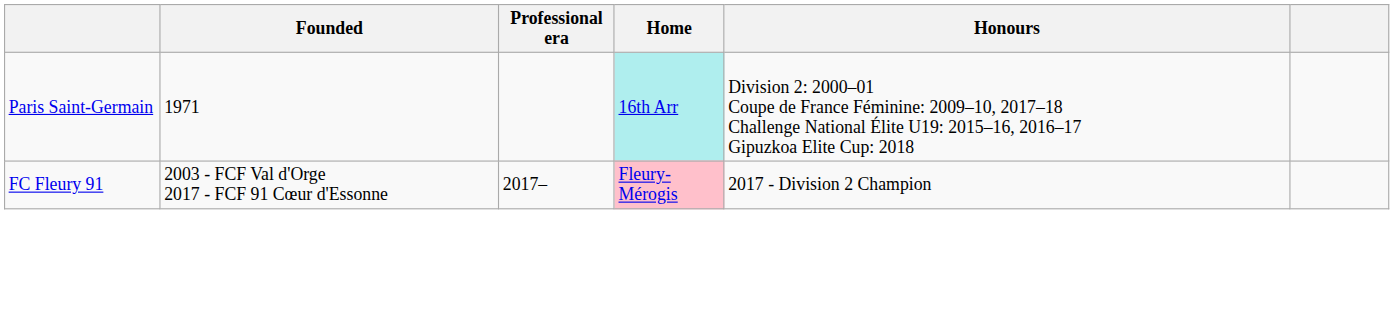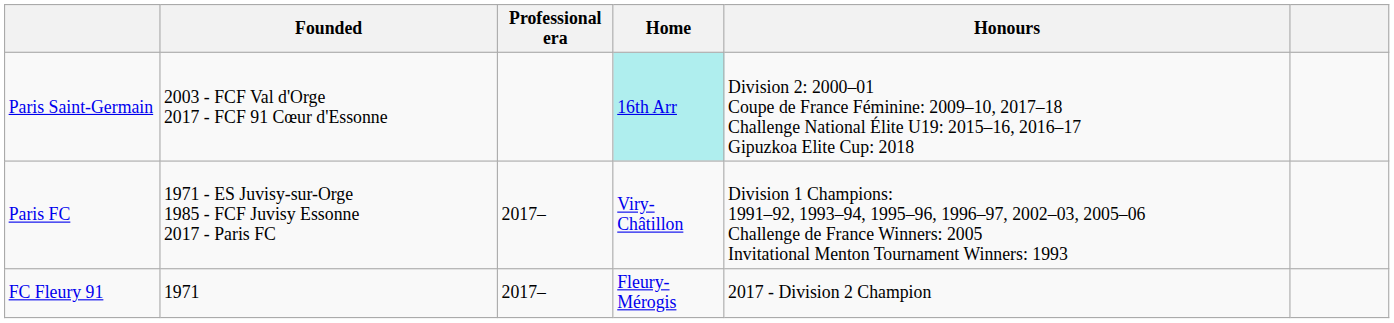 <table class="wikitable">
 <tr style="background:#efefef;">
 <th scope="col" width="150"></th>
 <th scope="col" width="350">Founded</th>
 <th scope="col" width="100">Professional<br>era</th>
 <th scope="col" width="100">Home</th>
 <th scope="col" width="600">Honours</th>
 <th scope="col" width="100"></th>
 </tr>
 <tr>
 <td><a href='#'>Paris Saint-Germain</a></td>
-<td>1971</td>
+<td>2003 - FCF Val d'Orge <br>2017 - FCF 91 Cœur d'Essonne</td>
 <td></td>
 <td style="background: paleturquoise;"><a href='#'>16th Arr</a></td>
 <td><br>Division 2: 2000–01 <br> Coupe de France Féminine: 2009–10, 2017–18 <br> Challenge National Élite U19: 2015–16, 2016–17 <br> Gipuzkoa Elite Cup: 2018</td>
 <td></td>
 </tr>
 <tr>
+<td><a href='#'>Paris FC</a></td>
+<td>1971 - ES Juvisy-sur-Orge <br>1985 - FCF Juvisy Essonne <br>2017 - Paris FC</td>
+<td>2017–</td>
+<td><a href='#'>Viry-Châtillon</a></td>
+<td><br>Division 1 Champions:<br>1991–92, 1993–94, 1995–96, 1996–97, 2002–03, 2005–06 <br> Challenge de France Winners: 2005 <br> Invitational Menton Tournament Winners: 1993</td>
+<td></td>
+</tr>
+<tr>
 <td><a href='#'>FC Fleury 91</a></td>
-<td>2003 - FCF Val d'Orge <br>2017 - FCF 91 Cœur d'Essonne</td>
+<td>1971</td>
 <td>2017–</td>
-<td style="background: pink;"><a href='#'>Fleury-Mérogis</a></td>
+<td><a href='#'>Fleury-Mérogis</a></td>
 <td>2017 - Division 2 Champion</td>
 <td></td>
 </tr>
 </table>
